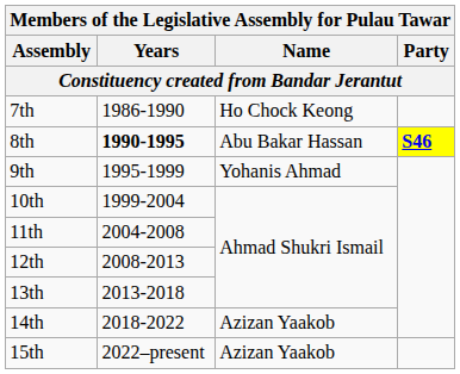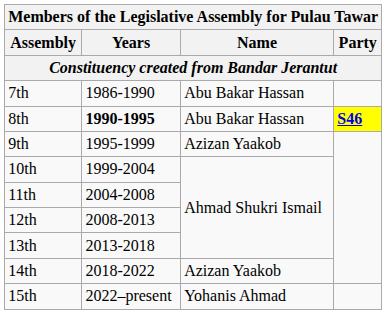 <table class="wikitable">
 <tr>
 <th colspan="4">Members of the Legislative Assembly for Pulau Tawar</th>
 </tr>
 <tr>
 <th>Assembly</th>
 <th>Years</th>
 <th>Name</th>
 <th>Party</th>
 </tr>
 <tr>
 <th colspan="4"><em>Constituency created from Bandar Jerantut</em></th>
 </tr>
 <tr>
 <td>7th</td>
 <td>1986-1990</td>
-<td>Ho Chock Keong</td>
+<td>Abu Bakar Hassan</td>
 <td></td>
 </tr>
 <tr>
 <td>8th</td>
 <td><strong>1990-1995</strong></td>
 <td>Abu Bakar Hassan</td>
 <td bgcolor="yellow"><strong><a href='#'>S46</a></strong></td>
 </tr>
 <tr>
 <td>9th</td>
 <td>1995-1999</td>
-<td>Yohanis Ahmad</td>
+<td>Azizan Yaakob</td>
 <td rowspan="6"></td>
 </tr>
 <tr>
 <td>10th</td>
 <td>1999-2004</td>
 <td rowspan="4">Ahmad Shukri Ismail</td>
 </tr>
 <tr>
 <td>11th</td>
 <td>2004-2008</td>
 </tr>
 <tr>
 <td>12th</td>
 <td>2008-2013</td>
 </tr>
 <tr>
 <td>13th</td>
 <td>2013-2018</td>
 </tr>
 <tr>
 <td>14th</td>
 <td>2018-2022</td>
 <td>Azizan Yaakob</td>
 </tr>
 <tr>
 <td>15th</td>
 <td>2022–present</td>
-<td>Azizan Yaakob</td>
+<td>Yohanis Ahmad</td>
 <td></td>
 </tr>
 </table>
